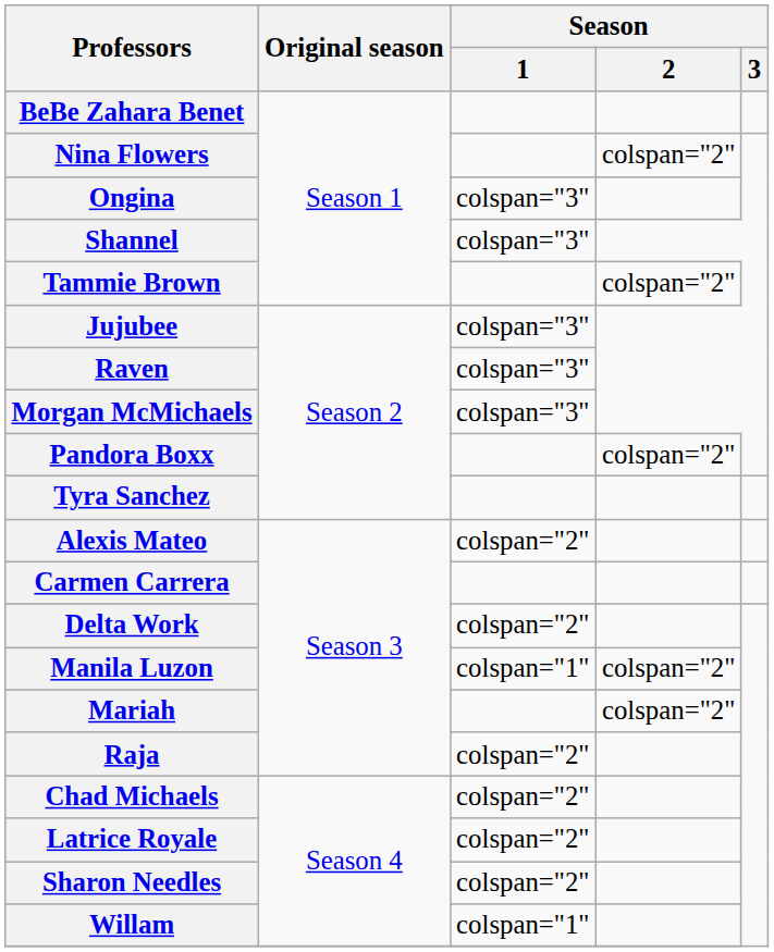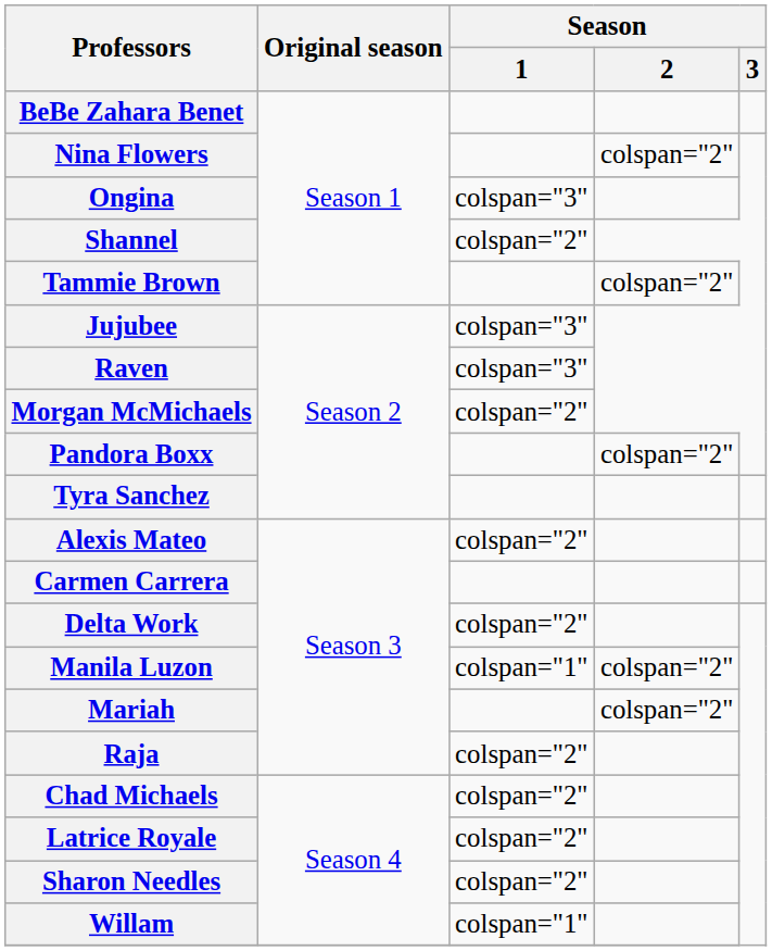 <table class="wikitable sortable" style="text-align:center;">
 <tr>
 <th rowspan="2">Professors</th>
 <th rowspan="2">Original season</th>
 <th colspan="3">Season</th>
 </tr>
 <tr>
 <th scope="col">1</th>
 <th scope="col">2</th>
 <th scope="col">3</th>
 </tr>
 <tr>
 <th nowrap><a href='#'>BeBe Zahara Benet</a></th>
 <td rowspan="5"><a href='#'>Season 1</a></td>
 <td></td>
 <td></td>
 <td></td>
 </tr>
 <tr>
 <th><a href='#'>Nina Flowers</a></th>
 <td></td>
 <td>colspan="2" </td>
 </tr>
 <tr>
 <th><a href='#'>Ongina</a></th>
 <td>colspan="3" </td>
 <td></td>
 </tr>
 <tr>
 <th><a href='#'>Shannel</a></th>
-<td>colspan="3" </td>
+<td>colspan="2" </td>
 </tr>
 <tr>
 <th><a href='#'>Tammie Brown</a></th>
 <td></td>
 <td>colspan="2" </td>
 </tr>
 <tr>
 <th><a href='#'>Jujubee</a></th>
 <td rowspan="5"><a href='#'>Season 2</a></td>
 <td>colspan="3" </td>
 </tr>
 <tr>
 <th><a href='#'>Raven</a></th>
 <td>colspan="3" </td>
 </tr>
 <tr>
 <th nowrap><a href='#'>Morgan McMichaels</a></th>
-<td>colspan="3" </td>
+<td>colspan="2" </td>
 </tr>
 <tr>
 <th><a href='#'>Pandora Boxx</a></th>
 <td></td>
 <td>colspan="2" </td>
 </tr>
 <tr>
 <th><a href='#'>Tyra Sanchez</a></th>
 <td></td>
 <td></td>
 <td></td>
 </tr>
 <tr>
 <th><a href='#'>Alexis Mateo</a></th>
 <td rowspan="6"><a href='#'>Season 3</a></td>
 <td>colspan="2" </td>
 <td></td>
 </tr>
 <tr>
 <th><a href='#'>Carmen Carrera</a></th>
 <td></td>
 <td></td>
 <td></td>
 </tr>
 <tr>
 <th><a href='#'>Delta Work</a></th>
 <td>colspan="2" </td>
 <td></td>
 </tr>
 <tr>
 <th><strong><a href='#'>Manila Luzon</a></strong></th>
 <td>colspan="1" </td>
 <td>colspan="2" </td>
 </tr>
 <tr>
 <th><a href='#'>Mariah</a></th>
 <td></td>
 <td>colspan="2" </td>
 </tr>
 <tr>
 <th><a href='#'>Raja</a></th>
 <td>colspan="2" </td>
 <td></td>
 </tr>
 <tr>
 <th><a href='#'>Chad Michaels</a></th>
 <td rowspan="4"><a href='#'>Season 4</a></td>
 <td>colspan="2" </td>
 <td></td>
 </tr>
 <tr>
 <th><a href='#'>Latrice Royale</a></th>
 <td>colspan="2" </td>
 <td></td>
 </tr>
 <tr>
 <th><a href='#'>Sharon Needles</a></th>
 <td>colspan="2" </td>
 <td></td>
 </tr>
 <tr>
 <th><a href='#'>Willam</a></th>
 <td>colspan="1" </td>
 <td></td>
 </tr>
 <tr>
 </tr>
 </table>
